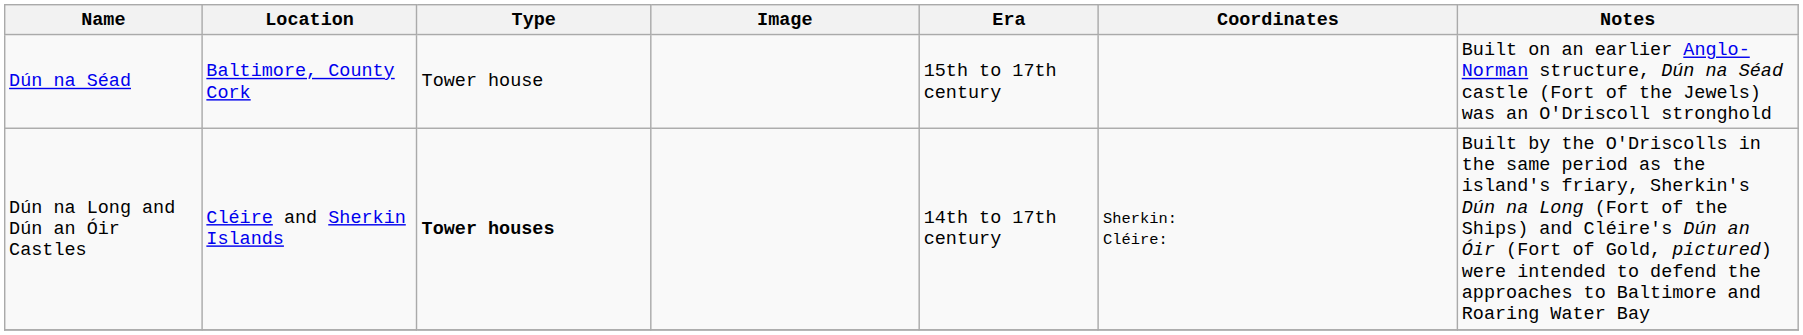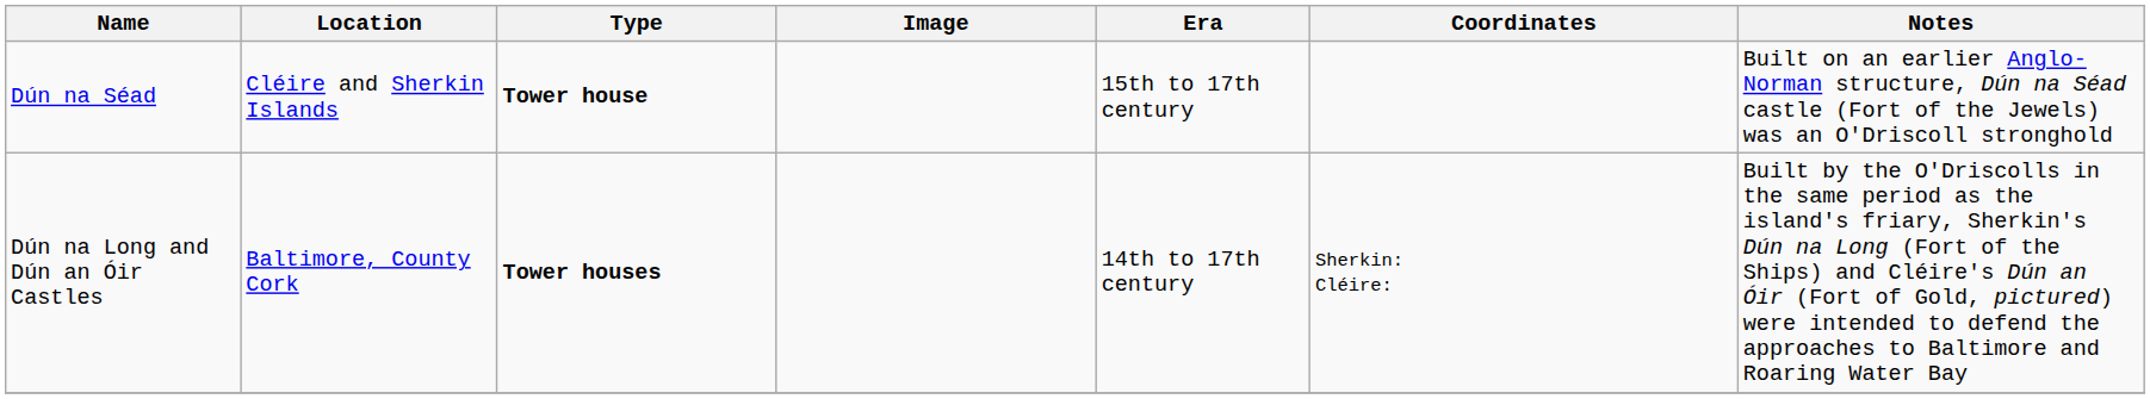 <table class="wikitable" width="100%">
 <tr>
 <th width=11%>Name</th>
 <th width=12%>Location</th>
 <th width=13%>Type</th>
 <th width=15%>Image</th>
 <th width=10%>Era</th>
 <th width=20%>Coordinates</th>
 <th width=19%>Notes</th>
 </tr>
 <tr>
 <td><a href='#'>Dún na Séad</a></td>
-<td><a href='#'>Baltimore, County Cork</a></td>
-<td>Tower house</td>
+<td><a href='#'>Cléire</a> and <a href='#'>Sherkin Islands</a></td>
+<td><strong>Tower house</strong></td>
 <td></td>
 <td>15th to 17th century</td>
 <td></td>
 <td>Built on an earlier <a href='#'>Anglo-Norman</a> structure, <em>Dún na Séad</em> castle (Fort of the Jewels) was an O'Driscoll stronghold</td>
 </tr>
 <tr>
 <td>Dún na Long and Dún an Óir Castles</td>
-<td><a href='#'>Cléire</a> and <a href='#'>Sherkin Islands</a></td>
+<td><a href='#'>Baltimore, County Cork</a></td>
 <td><strong>Tower houses</strong></td>
 <td></td>
 <td>14th to 17th century</td>
 <td><small>Sherkin:<br>Cléire:</small></td>
 <td>Built by the O'Driscolls in the same period as the island's friary, Sherkin's <em>Dún na Long</em> (Fort of the Ships) and Cléire's <em>Dún an Óir</em> (Fort of Gold, <em>pictured</em>) were intended to defend the approaches to Baltimore and Roaring Water Bay</td>
 </tr>
 <tr>
 </tr>
 </table>
